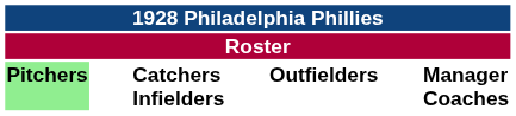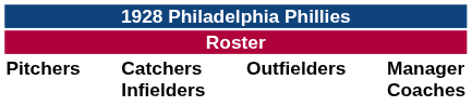 <table class="toccolours" style="font-size: 95%;">
 <tr>
 <th colspan="10" style="background-color: #0f437c; color: white; text-align: center;">1928 Philadelphia Phillies</th>
 </tr>
 <tr>
 <td colspan="10" style="background-color: #af0039; color: white; text-align: center;"><strong>Roster</strong></td>
 </tr>
 <tr>
-<td valign="top" style="background: lightgreen;"><strong>Pitchers</strong><br>               </td>
+<td valign="top"><strong>Pitchers</strong><br>               </td>
 <td width="25px"></td>
 <td valign="top"><strong>Catchers</strong><br>    <strong>Infielders</strong>      </td>
 <td width="25px"></td>
 <td valign="top"><strong>Outfielders</strong><br>        </td>
 <td width="25px"></td>
 <td valign="top"><strong>Manager</strong><br> <strong>Coaches</strong> </td>
 </tr>
 </table>
